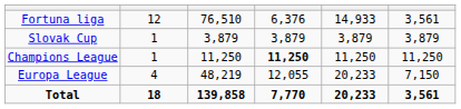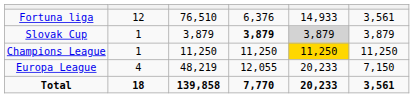 <table class="wikitable sortable" style="text-align: center;">
 <tr>
 <th></th>
 <th style="width:70px;"></th>
 <th style="width:70px;"></th>
 <th style="width:70px;"></th>
 <th style="width:70px;"></th>
 <th style="width:70px;"></th>
 </tr>
 <tr>
 <td><a href='#'>Fortuna liga</a></td>
 <td>12</td>
 <td>76,510</td>
 <td>6,376</td>
 <td>14,933</td>
 <td>3,561</td>
 </tr>
 <tr>
 <td><a href='#'>Slovak Cup</a></td>
 <td>1</td>
 <td>3,879</td>
-<td>3,879</td>
-<td>3,879</td>
+<td><strong>3,879</strong></td>
+<td style="background: lightgrey;">3,879</td>
 <td>3,879</td>
 </tr>
 <tr>
 <td><a href='#'>Champions League</a></td>
 <td>1</td>
 <td>11,250</td>
-<td><strong>11,250</strong></td>
 <td>11,250</td>
+<td style="background: gold;">11,250</td>
 <td>11,250</td>
 </tr>
 <tr>
 <td><a href='#'>Europa League</a></td>
 <td>4</td>
 <td>48,219</td>
 <td>12,055</td>
 <td>20,233</td>
 <td>7,150</td>
 </tr>
 <tr>
 <td><strong>Total</strong></td>
 <td><strong>18</strong></td>
 <td><strong>139,858</strong></td>
 <td><strong>7,770</strong></td>
 <td><strong>20,233</strong></td>
 <td><strong>3,561</strong></td>
 </tr>
 </table>
